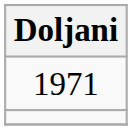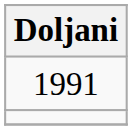 <table class="wikitable" style="margin: 0.5em auto; text-align: center;">
 <tr>
 <th colspan="1">Doljani</th>
 </tr>
 <tr>
-<td>1971</td>
+<td>1991</td>
 </tr>
 <tr>
 <td></td>
 </tr>
 <tr>
 </tr>
 </table>
